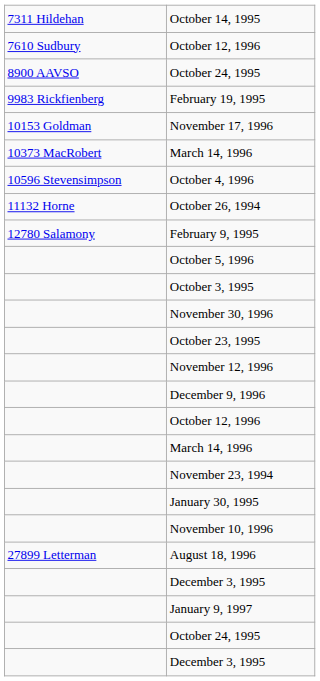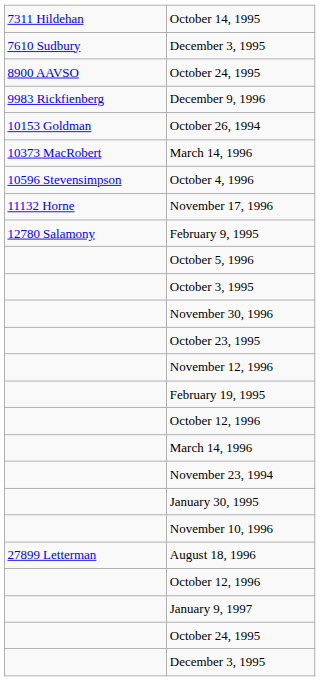 <table class="wikitable" style="font-size: 89%; float: left; width: 24em; margin-right: 1em; line-height: 1.6em !important;  height: 625px;">
 <tr>
 <td><a href='#'>7311 Hildehan</a></td>
 <td>October 14, 1995</td>
 </tr>
 <tr>
 <td><a href='#'>7610 Sudbury</a></td>
-<td>October 12, 1996</td>
+<td>December 3, 1995</td>
 </tr>
 <tr>
 <td><a href='#'>8900 AAVSO</a></td>
 <td>October 24, 1995</td>
 </tr>
 <tr>
 <td><a href='#'>9983 Rickfienberg</a></td>
-<td>February 19, 1995</td>
+<td>December 9, 1996</td>
 </tr>
 <tr>
 <td><a href='#'>10153 Goldman</a></td>
-<td>November 17, 1996</td>
+<td>October 26, 1994</td>
 </tr>
 <tr>
 <td><a href='#'>10373 MacRobert</a></td>
 <td>March 14, 1996</td>
 </tr>
 <tr>
 <td><a href='#'>10596 Stevensimpson</a></td>
 <td>October 4, 1996</td>
 </tr>
 <tr>
 <td><a href='#'>11132 Horne</a></td>
-<td>October 26, 1994</td>
+<td>November 17, 1996</td>
 </tr>
 <tr>
 <td><a href='#'>12780 Salamony</a></td>
 <td>February 9, 1995</td>
 </tr>
 <tr>
 <td></td>
 <td>October 5, 1996</td>
 </tr>
 <tr>
 <td></td>
 <td>October 3, 1995</td>
 </tr>
 <tr>
 <td></td>
 <td>November 30, 1996</td>
 </tr>
 <tr>
 <td></td>
 <td>October 23, 1995</td>
 </tr>
 <tr>
 <td></td>
 <td>November 12, 1996</td>
 </tr>
 <tr>
 <td></td>
-<td>December 9, 1996</td>
+<td>February 19, 1995</td>
 </tr>
 <tr>
 <td></td>
 <td>October 12, 1996</td>
 </tr>
 <tr>
 <td></td>
 <td>March 14, 1996</td>
 </tr>
 <tr>
 <td></td>
 <td>November 23, 1994</td>
 </tr>
 <tr>
 <td></td>
 <td>January 30, 1995</td>
 </tr>
 <tr>
 <td></td>
 <td>November 10, 1996</td>
 </tr>
 <tr>
 <td><a href='#'>27899 Letterman</a></td>
 <td>August 18, 1996</td>
 </tr>
 <tr>
 <td></td>
-<td>December 3, 1995</td>
+<td>October 12, 1996</td>
 </tr>
 <tr>
 <td></td>
 <td>January 9, 1997</td>
 </tr>
 <tr>
 <td></td>
 <td>October 24, 1995</td>
 </tr>
 <tr>
 <td></td>
 <td>December 3, 1995</td>
 </tr>
 </table>
